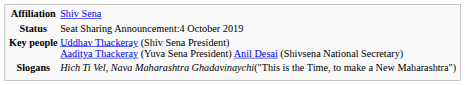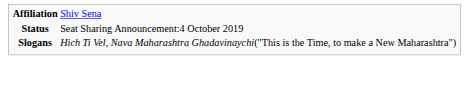 <table class="infobox vcard" style="">
 <tr>
 <th>Affiliation</th>
 <td><a href='#'>Shiv Sena</a></td>
 </tr>
 <tr>
 <th>Status</th>
 <td>Seat Sharing Announcement:4 October 2019</td>
 </tr>
 <tr>
-<th>Key people</th>
-<td><a href='#'>Uddhav Thackeray</a> (Shiv Sena President)<br><a href='#'>Aaditya Thackeray</a> (Yuva Sena President) <a href='#'>Anil Desai</a> (Shivsena National Secretary)</td>
-</tr>
-<tr>
 <th>Slogans</th>
 <td><em>Hich Ti Vel, Nava Maharashtra Ghadavinaychi</em>("This is the Time, to make a New Maharashtra")</td>
 </tr>
 <tr>
 <td colspan="2" style="text-align: center;"></td>
 </tr>
 </table>
